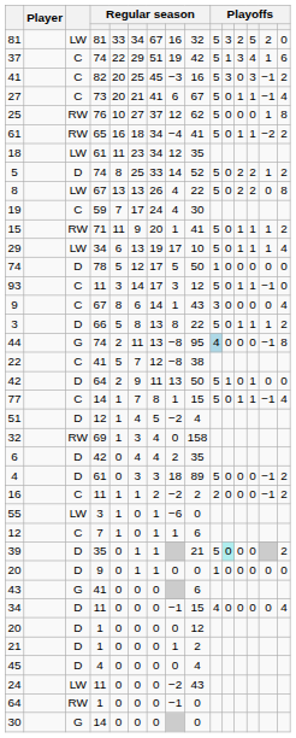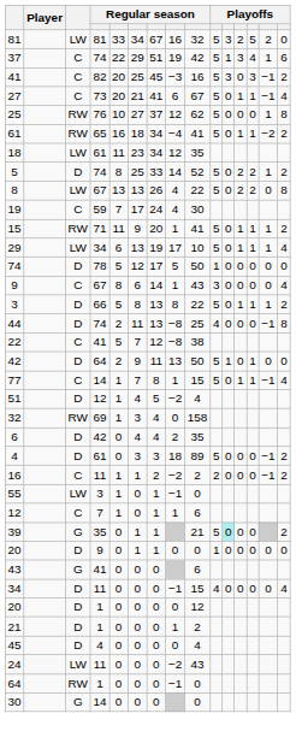 <table class="wikitable sortable plainrowheaders" style="text-align:center;">
 <tr>
 <th scope="col" data-sort-type="number" rowspan="2"></th>
 <th scope="col" rowspan="2">Player</th>
 <th scope="col" rowspan="2"></th>
 <th scope=colgroup colspan=6>Regular season</th>
 <th scope=colgroup colspan=6>Playoffs</th>
 </tr>
 <tr>
 <th scope="col" data-sort-type="number"></th>
 <th scope="col" data-sort-type="number"></th>
 <th scope="col" data-sort-type="number"></th>
 <th scope="col" data-sort-type="number"></th>
 <th scope="col" data-sort-type="number"></th>
 <th scope="col" data-sort-type="number"></th>
 <th scope="col" data-sort-type="number"></th>
 <th scope="col" data-sort-type="number"></th>
 <th scope="col" data-sort-type="number"></th>
 <th scope="col" data-sort-type="number"></th>
 <th scope="col" data-sort-type="number"></th>
 <th scope="col" data-sort-type="number"></th>
 </tr>
 <tr>
 <td scope="row">81</td>
 <td align="left"></td>
 <td>LW</td>
 <td>81</td>
 <td>33</td>
 <td>34</td>
 <td>67</td>
 <td>16</td>
 <td>32</td>
 <td>5</td>
 <td>3</td>
 <td>2</td>
 <td>5</td>
 <td>2</td>
 <td>0</td>
 </tr>
 <tr>
 <td scope="row">37</td>
 <td align="left"></td>
 <td>C</td>
 <td>74</td>
 <td>22</td>
 <td>29</td>
 <td>51</td>
 <td>19</td>
 <td>42</td>
 <td>5</td>
 <td>1</td>
 <td>3</td>
 <td>4</td>
 <td>1</td>
 <td>6</td>
 </tr>
 <tr>
 <td scope="row">41</td>
 <td align="left"></td>
 <td>C</td>
 <td>82</td>
 <td>20</td>
 <td>25</td>
 <td>45</td>
 <td>−3</td>
 <td>16</td>
 <td>5</td>
 <td>3</td>
 <td>0</td>
 <td>3</td>
 <td>−1</td>
 <td>2</td>
 </tr>
 <tr>
 <td scope="row">27</td>
 <td align="left"></td>
 <td>C</td>
 <td>73</td>
 <td>20</td>
 <td>21</td>
 <td>41</td>
 <td>6</td>
 <td>67</td>
 <td>5</td>
 <td>0</td>
 <td>1</td>
 <td>1</td>
 <td>−1</td>
 <td>4</td>
 </tr>
 <tr>
 <td scope="row">25</td>
 <td align="left"></td>
 <td>RW</td>
 <td>76</td>
 <td>10</td>
 <td>27</td>
 <td>37</td>
 <td>12</td>
 <td>62</td>
 <td>5</td>
 <td>0</td>
 <td>0</td>
 <td>0</td>
 <td>1</td>
 <td>8</td>
 </tr>
 <tr>
 <td scope="row">61</td>
 <td align="left"></td>
 <td>RW</td>
 <td>65</td>
 <td>16</td>
 <td>18</td>
 <td>34</td>
 <td>−4</td>
 <td>41</td>
 <td>5</td>
 <td>0</td>
 <td>1</td>
 <td>1</td>
 <td>−2</td>
 <td>2</td>
 </tr>
 <tr>
 <td scope="row">18</td>
 <td align="left"></td>
 <td>LW</td>
 <td>61</td>
 <td>11</td>
 <td>23</td>
 <td>34</td>
 <td>12</td>
 <td>35</td>
 <td></td>
 <td></td>
 <td></td>
 <td></td>
 <td></td>
 <td></td>
 </tr>
 <tr>
 <td scope="row">5</td>
 <td align="left"></td>
 <td>D</td>
 <td>74</td>
 <td>8</td>
 <td>25</td>
 <td>33</td>
 <td>14</td>
 <td>52</td>
 <td>5</td>
 <td>0</td>
 <td>2</td>
 <td>2</td>
 <td>1</td>
 <td>2</td>
 </tr>
 <tr>
 <td scope="row">8</td>
 <td align="left"></td>
 <td>LW</td>
 <td>67</td>
 <td>13</td>
 <td>13</td>
 <td>26</td>
 <td>4</td>
 <td>22</td>
 <td>5</td>
 <td>0</td>
 <td>2</td>
 <td>2</td>
 <td>0</td>
 <td>8</td>
 </tr>
 <tr>
 <td scope="row">19</td>
 <td align="left"></td>
 <td>C</td>
 <td>59</td>
 <td>7</td>
 <td>17</td>
 <td>24</td>
 <td>4</td>
 <td>30</td>
 <td></td>
 <td></td>
 <td></td>
 <td></td>
 <td></td>
 <td></td>
 </tr>
 <tr>
 <td scope="row">15</td>
 <td align="left"></td>
 <td>RW</td>
 <td>71</td>
 <td>11</td>
 <td>9</td>
 <td>20</td>
 <td>1</td>
 <td>41</td>
 <td>5</td>
 <td>0</td>
 <td>1</td>
 <td>1</td>
 <td>1</td>
 <td>2</td>
 </tr>
 <tr>
 <td scope="row">29</td>
 <td align="left"></td>
 <td>LW</td>
 <td>34</td>
 <td>6</td>
 <td>13</td>
 <td>19</td>
 <td>17</td>
 <td>10</td>
 <td>5</td>
 <td>0</td>
 <td>1</td>
 <td>1</td>
 <td>1</td>
 <td>4</td>
 </tr>
 <tr>
 <td scope="row">74</td>
 <td align="left"></td>
 <td>D</td>
 <td>78</td>
 <td>5</td>
 <td>12</td>
 <td>17</td>
 <td>5</td>
 <td>50</td>
 <td>1</td>
 <td>0</td>
 <td>0</td>
 <td>0</td>
 <td>0</td>
 <td>0</td>
 </tr>
 <tr>
-<td scope="row">93</td>
-<td align="left"></td>
-<td>C</td>
-<td>11</td>
-<td>3</td>
-<td>14</td>
-<td>17</td>
-<td>3</td>
-<td>12</td>
-<td>5</td>
-<td>0</td>
-<td>1</td>
-<td>1</td>
-<td>−1</td>
-<td>0</td>
-</tr>
-<tr>
 <td scope="row">9</td>
 <td align="left"></td>
 <td>C</td>
 <td>67</td>
 <td>8</td>
 <td>6</td>
 <td>14</td>
 <td>1</td>
 <td>43</td>
 <td>3</td>
 <td>0</td>
 <td>0</td>
 <td>0</td>
 <td>0</td>
 <td>4</td>
 </tr>
 <tr>
 <td scope="row">3</td>
 <td align="left"></td>
 <td>D</td>
 <td>66</td>
 <td>5</td>
 <td>8</td>
 <td>13</td>
 <td>8</td>
 <td>22</td>
 <td>5</td>
 <td>0</td>
 <td>1</td>
 <td>1</td>
 <td>1</td>
 <td>2</td>
 </tr>
 <tr>
 <td scope="row">44</td>
 <td align="left"></td>
-<td>G</td>
+<td>D</td>
 <td>74</td>
 <td>2</td>
 <td>11</td>
 <td>13</td>
 <td>−8</td>
-<td>95</td>
-<td style="background: lightblue;">4</td>
+<td>25</td>
+<td>4</td>
 <td>0</td>
 <td>0</td>
 <td>0</td>
 <td>−1</td>
 <td>8</td>
 </tr>
 <tr>
 <td scope="row">22</td>
 <td align="left"></td>
 <td>C</td>
 <td>41</td>
 <td>5</td>
 <td>7</td>
 <td>12</td>
 <td>−8</td>
 <td>38</td>
 <td></td>
 <td></td>
 <td></td>
 <td></td>
 <td></td>
 <td></td>
 </tr>
 <tr>
 <td scope="row">42</td>
 <td align="left"></td>
 <td>D</td>
 <td>64</td>
 <td>2</td>
 <td>9</td>
 <td>11</td>
 <td>13</td>
 <td>50</td>
 <td>5</td>
 <td>1</td>
 <td>0</td>
 <td>1</td>
 <td>0</td>
 <td>0</td>
 </tr>
 <tr>
 <td scope="row">77</td>
 <td align="left"></td>
 <td>C</td>
 <td>14</td>
 <td>1</td>
 <td>7</td>
 <td>8</td>
 <td>1</td>
 <td>15</td>
 <td>5</td>
 <td>0</td>
 <td>1</td>
 <td>1</td>
 <td>−1</td>
 <td>4</td>
 </tr>
 <tr>
 <td scope="row">51</td>
 <td align="left"></td>
 <td>D</td>
 <td>12</td>
 <td>1</td>
 <td>4</td>
 <td>5</td>
 <td>−2</td>
 <td>4</td>
 <td></td>
 <td></td>
 <td></td>
 <td></td>
 <td></td>
 <td></td>
 </tr>
 <tr>
 <td scope="row">32</td>
 <td align="left"></td>
 <td>RW</td>
 <td>69</td>
 <td>1</td>
 <td>3</td>
 <td>4</td>
 <td>0</td>
 <td>158</td>
 <td></td>
 <td></td>
 <td></td>
 <td></td>
 <td></td>
 <td></td>
 </tr>
 <tr>
 <td scope="row">6</td>
 <td align="left"></td>
 <td>D</td>
 <td>42</td>
 <td>0</td>
 <td>4</td>
 <td>4</td>
 <td>2</td>
 <td>35</td>
 <td></td>
 <td></td>
 <td></td>
 <td></td>
 <td></td>
 <td></td>
 </tr>
 <tr>
 <td scope="row">4</td>
 <td align="left"></td>
 <td>D</td>
 <td>61</td>
 <td>0</td>
 <td>3</td>
 <td>3</td>
 <td>18</td>
 <td>89</td>
 <td>5</td>
 <td>0</td>
 <td>0</td>
 <td>0</td>
 <td>−1</td>
 <td>2</td>
 </tr>
 <tr>
 <td scope="row">16</td>
 <td align="left"></td>
 <td>C</td>
 <td>11</td>
 <td>1</td>
 <td>1</td>
 <td>2</td>
 <td>−2</td>
 <td>2</td>
 <td>2</td>
 <td>0</td>
 <td>0</td>
 <td>0</td>
 <td>−1</td>
 <td>2</td>
 </tr>
 <tr>
 <td scope="row">55</td>
 <td align="left"></td>
 <td>LW</td>
 <td>3</td>
 <td>1</td>
 <td>0</td>
 <td>1</td>
-<td>−6</td>
+<td>−1</td>
 <td>0</td>
 <td></td>
 <td></td>
 <td></td>
 <td></td>
 <td></td>
 <td></td>
 </tr>
 <tr>
 <td scope="row">12</td>
 <td align="left"></td>
 <td>C</td>
 <td>7</td>
 <td>1</td>
 <td>0</td>
 <td>1</td>
 <td>1</td>
 <td>6</td>
 <td></td>
 <td></td>
 <td></td>
 <td></td>
 <td></td>
 <td></td>
 </tr>
 <tr>
 <td scope="row">39</td>
 <td align="left"></td>
-<td>D</td>
+<td>G</td>
 <td>35</td>
 <td>0</td>
 <td>1</td>
 <td>1</td>
 <td style="background:#ccc"></td>
 <td>21</td>
 <td>5</td>
 <td style="background: paleturquoise;">0</td>
 <td>0</td>
 <td>0</td>
 <td style="background:#ccc"></td>
 <td>2</td>
 </tr>
 <tr>
 <td scope="row">20</td>
 <td align="left"></td>
 <td>D</td>
 <td>9</td>
 <td>0</td>
 <td>1</td>
 <td>1</td>
 <td>0</td>
 <td>0</td>
 <td>1</td>
 <td>0</td>
 <td>0</td>
 <td>0</td>
 <td>0</td>
 <td>0</td>
 </tr>
 <tr>
 <td scope="row">43</td>
 <td align="left"></td>
 <td>G</td>
 <td>41</td>
 <td>0</td>
 <td>0</td>
 <td>0</td>
 <td style="background:#ccc"></td>
 <td>6</td>
 <td></td>
 <td></td>
 <td></td>
 <td></td>
 <td></td>
 <td></td>
 </tr>
 <tr>
 <td scope="row">34</td>
 <td align="left"></td>
 <td>D</td>
 <td>11</td>
 <td>0</td>
 <td>0</td>
 <td>0</td>
 <td>−1</td>
 <td>15</td>
 <td>4</td>
 <td>0</td>
 <td>0</td>
 <td>0</td>
 <td>0</td>
 <td>4</td>
 </tr>
 <tr>
 <td scope="row">20</td>
 <td align="left"></td>
 <td>D</td>
 <td>1</td>
 <td>0</td>
 <td>0</td>
 <td>0</td>
 <td>0</td>
 <td>12</td>
 <td></td>
 <td></td>
 <td></td>
 <td></td>
 <td></td>
 <td></td>
 </tr>
 <tr>
 <td scope="row">21</td>
 <td align="left"></td>
 <td>D</td>
 <td>1</td>
 <td>0</td>
 <td>0</td>
 <td>0</td>
 <td>1</td>
 <td>2</td>
 <td></td>
 <td></td>
 <td></td>
 <td></td>
 <td></td>
 <td></td>
 </tr>
 <tr>
 <td scope="row">45</td>
 <td align="left"></td>
 <td>D</td>
 <td>4</td>
 <td>0</td>
 <td>0</td>
 <td>0</td>
 <td>0</td>
 <td>4</td>
 <td></td>
 <td></td>
 <td></td>
 <td></td>
 <td></td>
 <td></td>
 </tr>
 <tr>
 <td scope="row">24</td>
 <td align="left"></td>
 <td>LW</td>
 <td>11</td>
 <td>0</td>
 <td>0</td>
 <td>0</td>
 <td>−2</td>
 <td>43</td>
 <td></td>
 <td></td>
 <td></td>
 <td></td>
 <td></td>
 <td></td>
 </tr>
 <tr>
 <td scope="row">64</td>
 <td align="left"></td>
 <td>RW</td>
 <td>1</td>
 <td>0</td>
 <td>0</td>
 <td>0</td>
 <td>−1</td>
 <td>0</td>
 <td></td>
 <td></td>
 <td></td>
 <td></td>
 <td></td>
 <td></td>
 </tr>
 <tr>
 <td scope="row">30</td>
 <td align="left"></td>
 <td>G</td>
 <td>14</td>
 <td>0</td>
 <td>0</td>
 <td>0</td>
 <td style="background:#ccc"></td>
 <td>0</td>
 <td></td>
 <td></td>
 <td></td>
 <td></td>
 <td></td>
 <td></td>
 </tr>
 </table>
